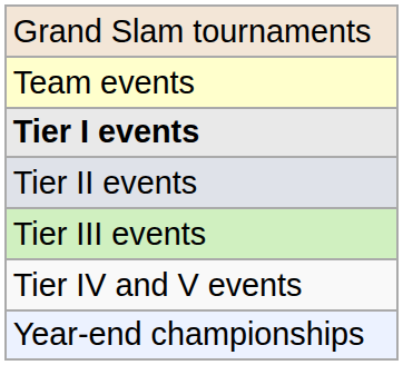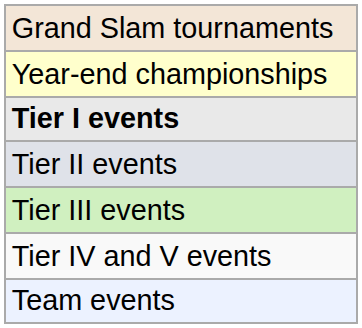 <table class=wikitable style=font-size:90%;width:14%>
 <tr bgcolor=#F3E6D7>
 <td>Grand Slam tournaments</td>
 </tr>
 <tr style="background:#ffc;">
-<td>Team events</td>
+<td>Year-end championships</td>
 </tr>
 <tr bgcolor=#E9E9E9>
 <td><strong>Tier I events</strong></td>
 </tr>
 <tr bgcolor=#dfe2e9>
 <td>Tier II events</td>
 </tr>
 <tr bgcolor=#d0f0c0>
 <td>Tier III events</td>
 </tr>
 <tr bgcolor=>
 <td>Tier IV and V events</td>
 </tr>
 <tr bgcolor=#ECF2FF>
-<td>Year-end championships</td>
+<td>Team events</td>
 </tr>
 </table>
